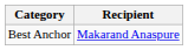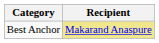 <table class="wikitable">
 <tr>
 <th>Category</th>
 <th>Recipient</th>
 </tr>
 <tr>
 <td>Best Anchor</td>
-<td><a href='#'>Makarand Anaspure</a></td>
+<td style="background: khaki;"><a href='#'>Makarand Anaspure</a></td>
 </tr>
 </table>
